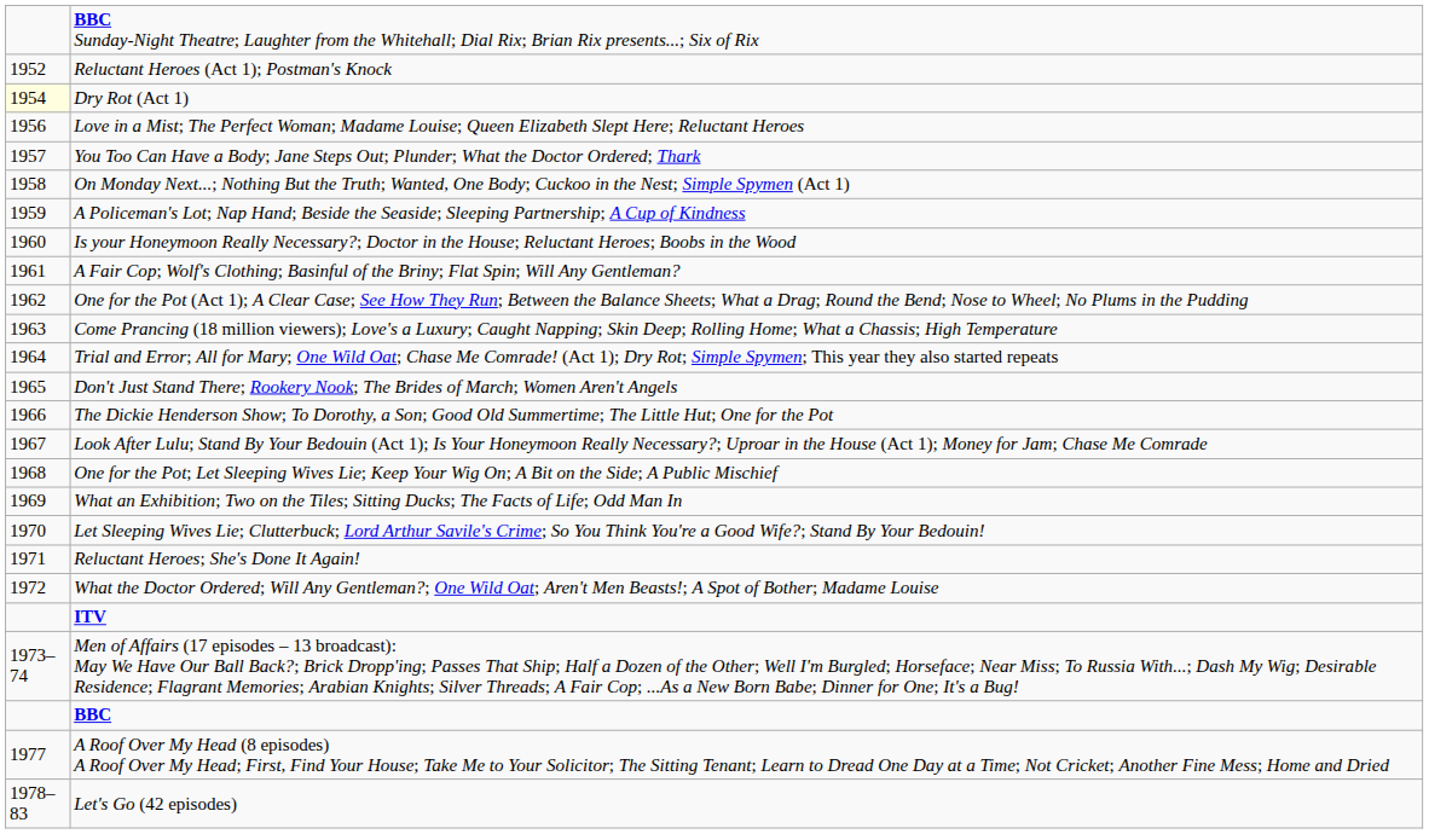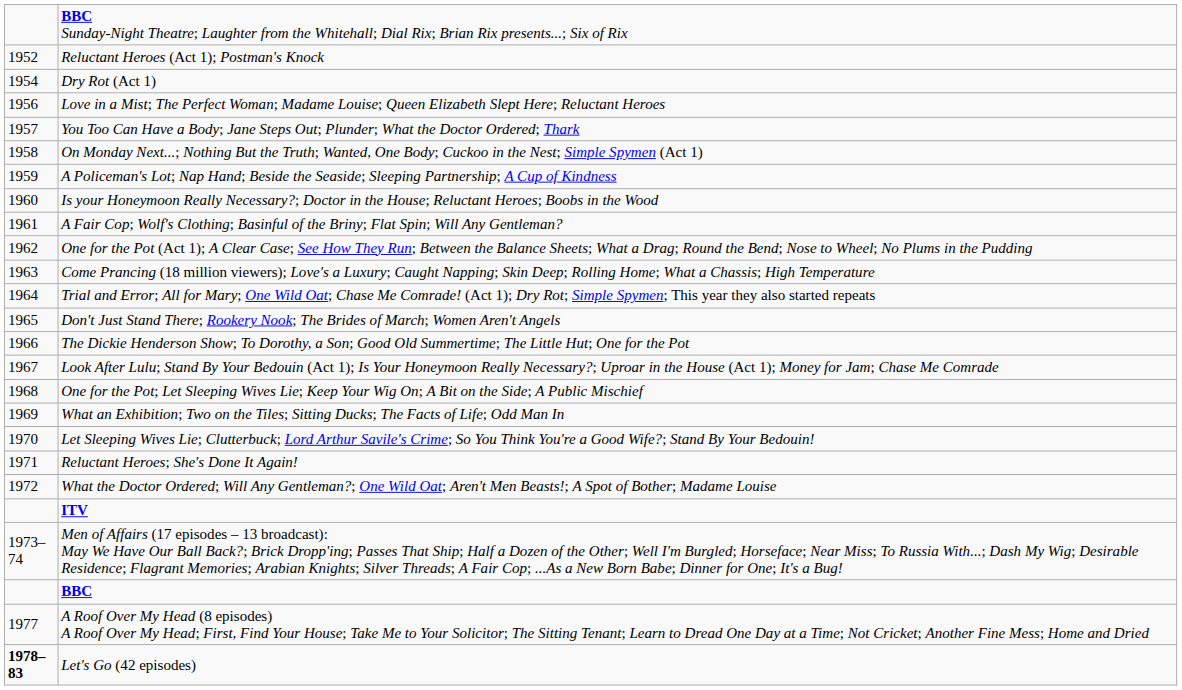 <table class="wikitable">
 <tr>
 <td></td>
 <td><strong><a href='#'>BBC</a></strong><br><em>Sunday-Night Theatre</em>; <em>Laughter from the Whitehall</em>; <em>Dial Rix</em>; <em>Brian Rix presents...</em>; <em>Six of Rix</em></td>
 </tr>
 <tr>
 <td>1952</td>
 <td><em>Reluctant Heroes</em> (Act 1); <em>Postman's Knock</em></td>
 </tr>
 <tr>
-<td style="background: lightyellow;">1954</td>
+<td>1954</td>
 <td><em>Dry Rot</em> (Act 1)</td>
 </tr>
 <tr>
 <td>1956</td>
 <td><em>Love in a Mist</em>; <em>The Perfect Woman</em>; <em>Madame Louise</em>; <em>Queen Elizabeth Slept Here</em>; <em>Reluctant Heroes</em></td>
 </tr>
 <tr>
 <td>1957</td>
 <td><em>You Too Can Have a Body</em>; <em>Jane Steps Out</em>; <em>Plunder</em>; <em>What the Doctor Ordered</em>; <em><a href='#'>Thark</a></em></td>
 </tr>
 <tr>
 <td>1958</td>
 <td><em>On Monday Next...</em>; <em>Nothing But the Truth</em>; <em>Wanted, One Body</em>; <em>Cuckoo in the Nest</em>; <em><a href='#'>Simple Spymen</a></em> (Act 1)</td>
 </tr>
 <tr>
 <td>1959</td>
 <td><em>A Policeman's Lot</em>; <em>Nap Hand</em>; <em>Beside the Seaside</em>; <em>Sleeping Partnership</em>; <em><a href='#'>A Cup of Kindness</a></em></td>
 </tr>
 <tr>
 <td>1960</td>
 <td><em>Is your Honeymoon Really Necessary?</em>; <em>Doctor in the House</em>; <em>Reluctant Heroes</em>; <em>Boobs in the Wood</em></td>
 </tr>
 <tr>
 <td>1961</td>
 <td><em>A Fair Cop</em>; <em>Wolf's Clothing</em>; <em>Basinful of the Briny</em>; <em>Flat Spin</em>; <em>Will Any Gentleman?</em></td>
 </tr>
 <tr>
 <td>1962</td>
 <td><em>One for the Pot</em> (Act 1); <em>A Clear Case</em>; <em><a href='#'>See How They Run</a></em>; <em>Between the Balance Sheets</em>; <em>What a Drag</em>; <em>Round the Bend</em>; <em>Nose to Wheel</em>; <em>No Plums in the Pudding</em></td>
 </tr>
 <tr>
 <td>1963</td>
 <td><em>Come Prancing</em> (18 million viewers); <em>Love's a Luxury</em>; <em>Caught Napping</em>; <em>Skin Deep</em>; <em>Rolling Home</em>; <em>What a Chassis</em>; <em>High Temperature</em></td>
 </tr>
 <tr>
 <td>1964</td>
 <td><em>Trial and Error</em>; <em>All for Mary</em>; <em><a href='#'>One Wild Oat</a></em>; <em>Chase Me Comrade!</em> (Act 1); <em>Dry Rot</em>; <em><a href='#'>Simple Spymen</a></em>; This year they also started repeats</td>
 </tr>
 <tr>
 <td>1965</td>
 <td><em>Don't Just Stand There</em>; <em><a href='#'>Rookery Nook</a></em>; <em>The Brides of March</em>; <em>Women Aren't Angels</em></td>
 </tr>
 <tr>
 <td>1966</td>
 <td><em>The Dickie Henderson Show</em>; <em>To Dorothy, a Son</em>; <em>Good Old Summertime</em>; <em>The Little Hut</em>; <em>One for the Pot</em></td>
 </tr>
 <tr>
 <td>1967</td>
 <td><em>Look After Lulu</em>; <em>Stand By Your Bedouin</em> (Act 1); <em>Is Your Honeymoon Really Necessary?</em>; <em>Uproar in the House</em> (Act 1); <em>Money for Jam</em>; <em>Chase Me Comrade</em></td>
 </tr>
 <tr>
 <td>1968</td>
 <td><em>One for the Pot</em>; <em>Let Sleeping Wives Lie</em>; <em>Keep Your Wig On</em>; <em>A Bit on the Side</em>; <em>A Public Mischief</em></td>
 </tr>
 <tr>
 <td>1969</td>
 <td><em>What an Exhibition</em>; <em>Two on the Tiles</em>; <em>Sitting Ducks</em>; <em>The Facts of Life</em>; <em>Odd Man In</em></td>
 </tr>
 <tr>
 <td>1970</td>
 <td><em>Let Sleeping Wives Lie</em>; <em>Clutterbuck</em>; <em><a href='#'>Lord Arthur Savile's Crime</a></em>; <em>So You Think You're a Good Wife?</em>; <em>Stand By Your Bedouin!</em></td>
 </tr>
 <tr>
 <td>1971</td>
 <td><em>Reluctant Heroes</em>; <em>She's Done It Again!</em></td>
 </tr>
 <tr>
 <td>1972</td>
 <td><em>What the Doctor Ordered</em>; <em>Will Any Gentleman?</em>; <em><a href='#'>One Wild Oat</a></em>; <em>Aren't Men Beasts!</em>; <em>A Spot of Bother</em>; <em>Madame Louise</em></td>
 </tr>
 <tr>
 <td></td>
 <td><strong><a href='#'>ITV</a></strong></td>
 </tr>
 <tr>
 <td>1973–74</td>
 <td><em>Men of Affairs</em> (17 episodes – 13 broadcast):<br><em>May We Have Our Ball Back?</em>; <em>Brick Dropp'ing</em>; <em>Passes That Ship</em>; <em>Half a Dozen of the Other</em>; <em>Well I'm Burgled</em>; <em>Horseface</em>; <em>Near Miss</em>; <em>To Russia With...</em>; <em>Dash My Wig</em>; <em>Desirable Residence</em>; <em>Flagrant Memories</em>; <em>Arabian Knights</em>; <em>Silver Threads</em>; <em>A Fair Cop</em>; <em>...As a New Born Babe</em>; <em>Dinner for One</em>; <em>It's a Bug!</em></td>
 </tr>
 <tr>
 <td></td>
 <td><strong><a href='#'>BBC</a></strong></td>
 </tr>
 <tr>
 <td>1977</td>
 <td><em>A Roof Over My Head</em> (8 episodes)<br><em>A Roof Over My Head</em>; <em>First, Find Your House</em>; <em>Take Me to Your Solicitor</em>; <em>The Sitting Tenant</em>; <em>Learn to Dread One Day at a Time</em>; <em>Not Cricket</em>; <em>Another Fine Mess</em>; <em>Home and Dried</em></td>
 </tr>
 <tr>
-<td>1978–83</td>
+<td><strong>1978–83</strong></td>
 <td><em>Let's Go</em> (42 episodes)</td>
 </tr>
 </table>
